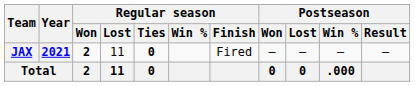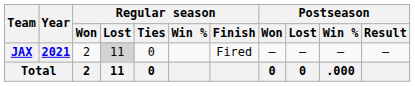 <table class="wikitable" style="font-size: 95%; text-align:center;">
 <tr>
 <th rowspan="2">Team</th>
 <th rowspan="2">Year</th>
 <th colspan="5">Regular season</th>
 <th colspan="4">Postseason</th>
 </tr>
 <tr>
 <th>Won</th>
 <th>Lost</th>
 <th>Ties</th>
 <th>Win %</th>
 <th>Finish</th>
 <th>Won</th>
 <th>Lost</th>
 <th>Win %</th>
 <th>Result</th>
 </tr>
 <tr>
 <th><a href='#'>JAX</a></th>
 <th><a href='#'>2021</a></th>
-<td><strong>2</strong></td>
-<td>11</td>
-<td><strong>0</strong></td>
+<td>2</td>
+<td style="background: lightgrey;">11</td>
+<td>0</td>
 <td></td>
 <td>Fired</td>
 <td>—</td>
 <td>—</td>
 <td>—</td>
 <td>—</td>
 </tr>
 <tr>
 <th colspan="2">Total</th>
 <th>2</th>
 <th>11</th>
 <th>0</th>
 <th></th>
 <th></th>
 <th>0</th>
 <th>0</th>
 <th>.000</th>
 <th></th>
 </tr>
 </table>
